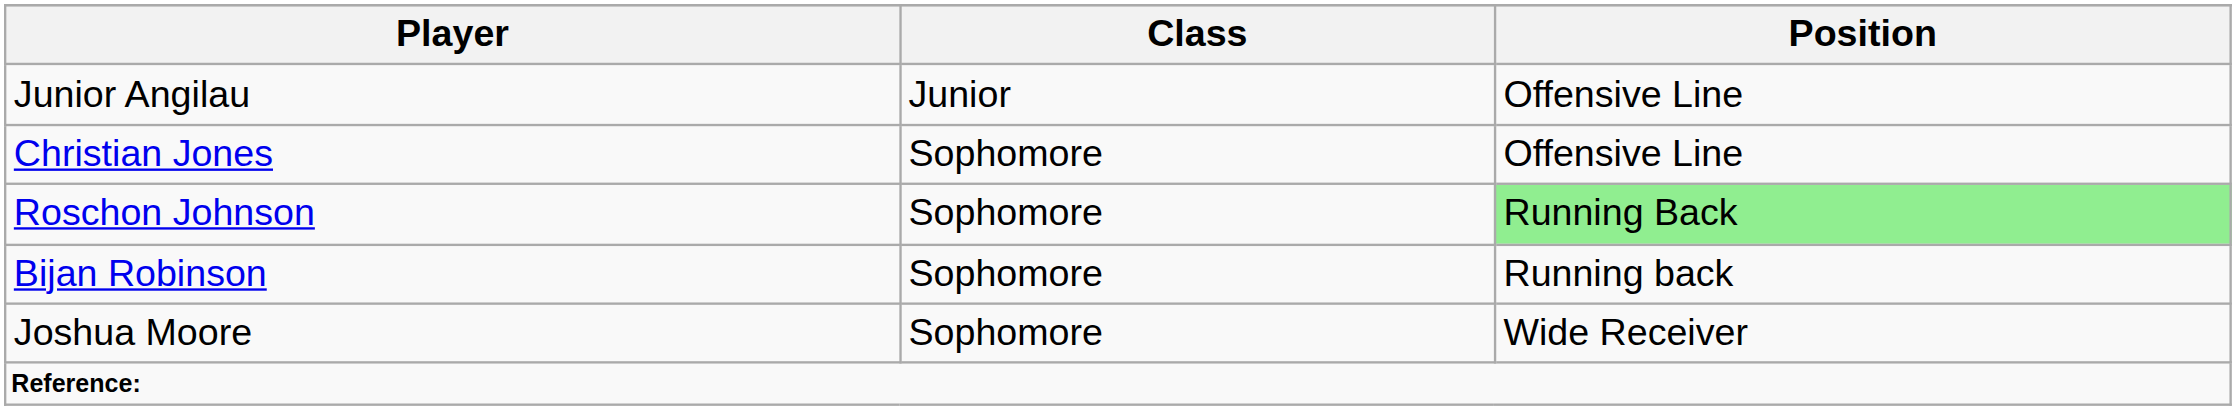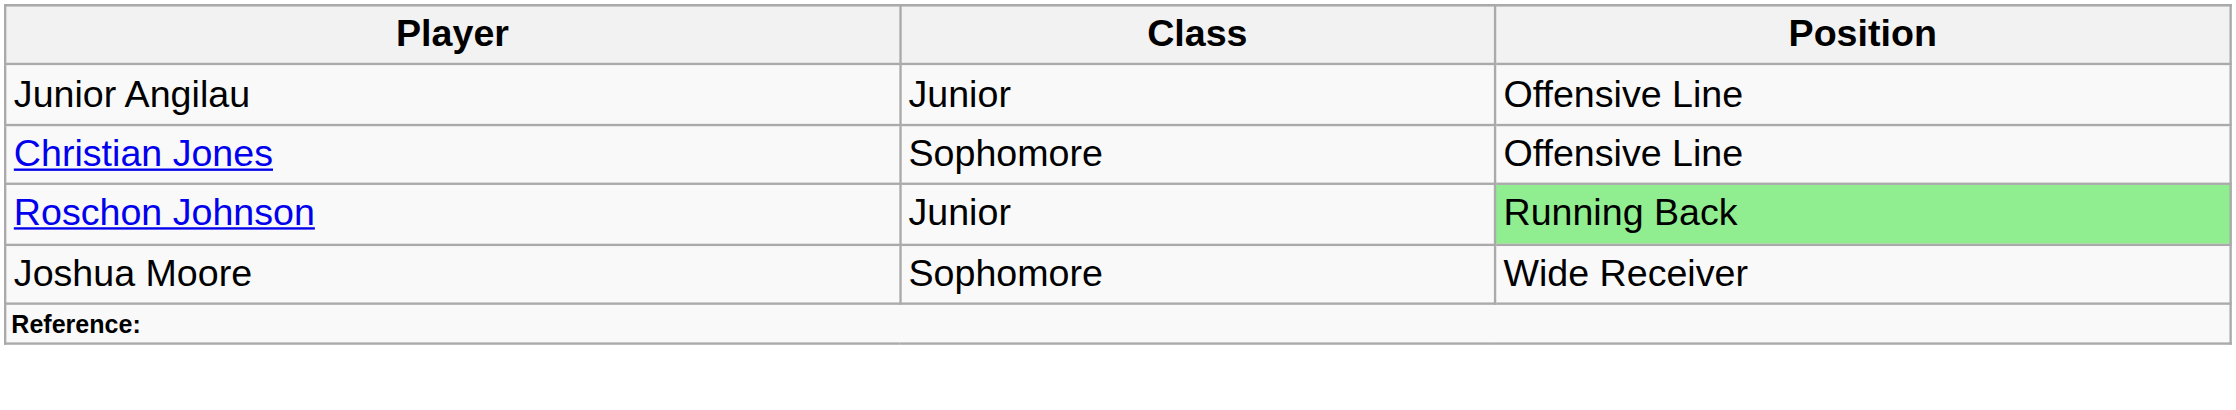 <table class="wikitable" style="width:75%;">
 <tr style="text-align:center; ">
 </tr>
 <tr>
 <th style="text-align:center; ">Player</th>
 <th style="text-align:center; ">Class</th>
 <th style="text-align:center; ">Position</th>
 </tr>
 <tr>
 <td>Junior Angilau</td>
 <td>Junior</td>
 <td>Offensive Line</td>
 </tr>
 <tr>
 <td><a href='#'>Christian Jones</a></td>
 <td>Sophomore</td>
 <td>Offensive Line</td>
 </tr>
 <tr>
 <td><a href='#'>Roschon Johnson</a></td>
-<td>Sophomore</td>
+<td>Junior</td>
 <td style="background: lightgreen;">Running Back</td>
-</tr>
-<tr>
-<td><a href='#'>Bijan Robinson</a></td>
-<td>Sophomore</td>
-<td>Running back</td>
 </tr>
 <tr>
 <td>Joshua Moore</td>
 <td>Sophomore</td>
 <td>Wide Receiver</td>
 </tr>
 <tr>
 <td colspan="3"  style="font-size:8pt; text-align:left;"><strong>Reference:</strong></td>
 </tr>
 </table>
